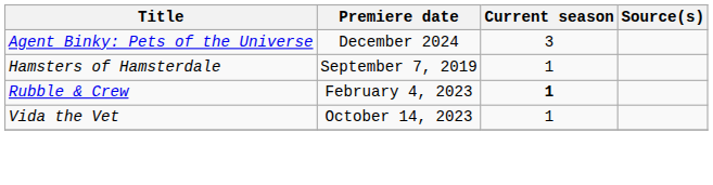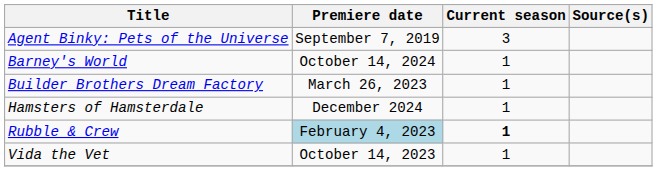 <table class="wikitable sortable" style="text-align: center;">
 <tr>
 <th>Title</th>
 <th>Premiere date</th>
 <th>Current season</th>
 <th>Source(s)</th>
 </tr>
 <tr>
 <td scope="row" style="text-align:left;”"><em><a href='#'>Agent Binky: Pets of the Universe</a></em></td>
-<td rowspan=1>December 2024</td>
+<td>September 7, 2019</td>
 <td>3</td>
 <td></td>
 </tr>
 <tr>
+<td scope="row" style="text-align:left;"><em><a href='#'>Barney's World</a></em></td>
+<td>October 14, 2024</td>
+<td>1</td>
+<td></td>
+</tr>
+<tr>
+<td scope="row" style="text-align:left;"><em><a href='#'>Builder Brothers Dream Factory</a></em></td>
+<td>March 26, 2023</td>
+<td>1</td>
+<td></td>
+</tr>
+<tr>
 <td scope="row" style="text-align:left;"><em>Hamsters of Hamsterdale</em></td>
-<td>September 7, 2019</td>
+<td rowspan=1>December 2024</td>
 <td>1</td>
 <td></td>
 </tr>
 <tr>
 <td scope="row" style="text-align:left;"><em><a href='#'>Rubble & Crew</a></em></td>
-<td>February 4, 2023</td>
+<td style="background: lightblue;">February 4, 2023</td>
 <td><strong>1</strong></td>
 <td></td>
 </tr>
 <tr>
 <td scope="row" style="text-align:left;"><em>Vida the Vet</em></td>
 <td>October 14, 2023</td>
 <td>1</td>
 <td></td>
 </tr>
 <tr>
 </tr>
 </table>
